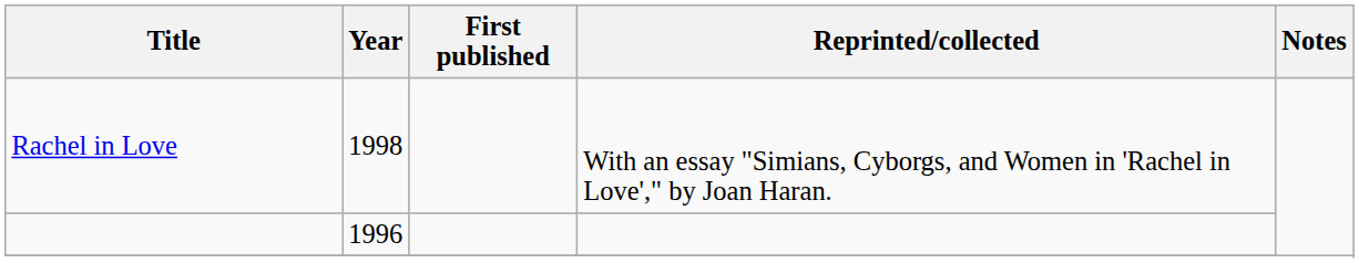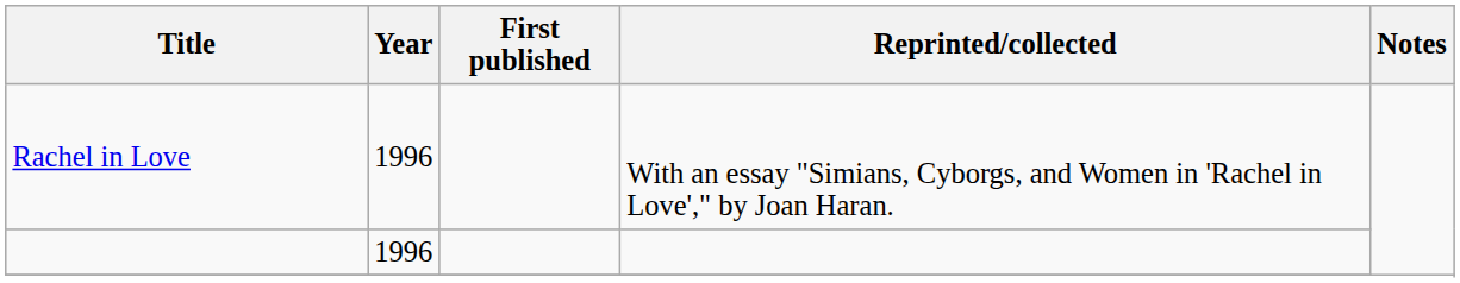 <table class='wikitable sortable' width='90%'>
 <tr>
 <th width=25%>Title</th>
 <th>Year</th>
 <th>First published</th>
 <th>Reprinted/collected</th>
 <th>Notes</th>
 </tr>
 <tr>
 <td><a href='#'>Rachel in Love</a></td>
-<td>1998</td>
+<td>1996</td>
 <td></td>
 <td> <br><br> With an essay "Simians, Cyborgs, and Women in 'Rachel in Love'," by Joan Haran.<br> </td>
 </tr>
 <tr>
 <td></td>
 <td>1996</td>
 <td></td>
 <td></td>
 </tr>
 <tr>
 </tr>
 </table>
